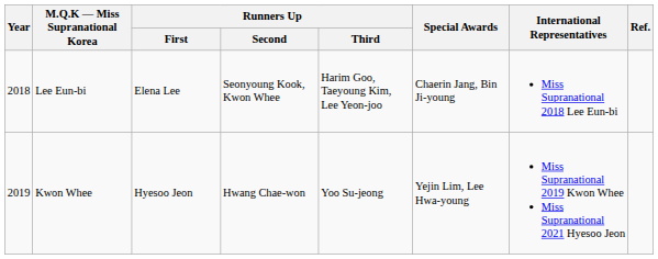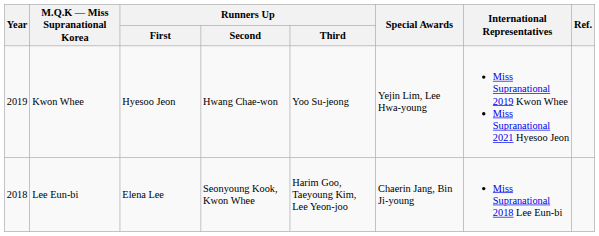 <table class="wikitable" style="font-size: 95%;">
 <tr>
 <th rowspan="2" width="1%">Year</th>
 <th rowspan="2"  width="170">M.Q.K — Miss Supranational Korea</th>
 <th colspan="3"  width="400">Runners Up</th>
 <th rowspan="2" width="220">Special Awards</th>
 <th rowspan="2" width="190">International Representatives</th>
 <th rowspan="2" width="1%">Ref.</th>
 </tr>
 <tr style="text-align:center;">
 <th width="200">First</th>
 <th width="200">Second</th>
 <th width="200">Third</th>
 </tr>
 <tr>
+<td>2019</td>
+<td>Kwon Whee</td>
+<td>Hyesoo Jeon</td>
+<td>Hwang Chae-won</td>
+<td>Yoo Su-jeong</td>
+<td>Yejin Lim, Lee Hwa-young</td>
+<td><br><ul><li><a href='#'>Miss Supranational 2019</a> Kwon Whee</li><li><a href='#'>Miss Supranational 2021</a> Hyesoo Jeon</li></ul></td>
+<td></td>
+</tr>
+<tr>
 <td>2018</td>
 <td>Lee Eun-bi</td>
 <td>Elena Lee</td>
 <td>Seonyoung Kook, Kwon Whee</td>
 <td>Harim Goo, Taeyoung Kim, Lee Yeon-joo</td>
 <td>Chaerin Jang, Bin Ji-young</td>
 <td><br><ul><li><a href='#'>Miss Supranational 2018</a> Lee Eun-bi</li></ul></td>
 <td></td>
 </tr>
-<tr>
-<td>2019</td>
-<td>Kwon Whee</td>
-<td>Hyesoo Jeon</td>
-<td>Hwang Chae-won</td>
-<td>Yoo Su-jeong</td>
-<td>Yejin Lim, Lee Hwa-young</td>
-<td><br><ul><li><a href='#'>Miss Supranational 2019</a> Kwon Whee</li><li><a href='#'>Miss Supranational 2021</a> Hyesoo Jeon</li></ul></td>
-<td></td>
-</tr>
 </table>
